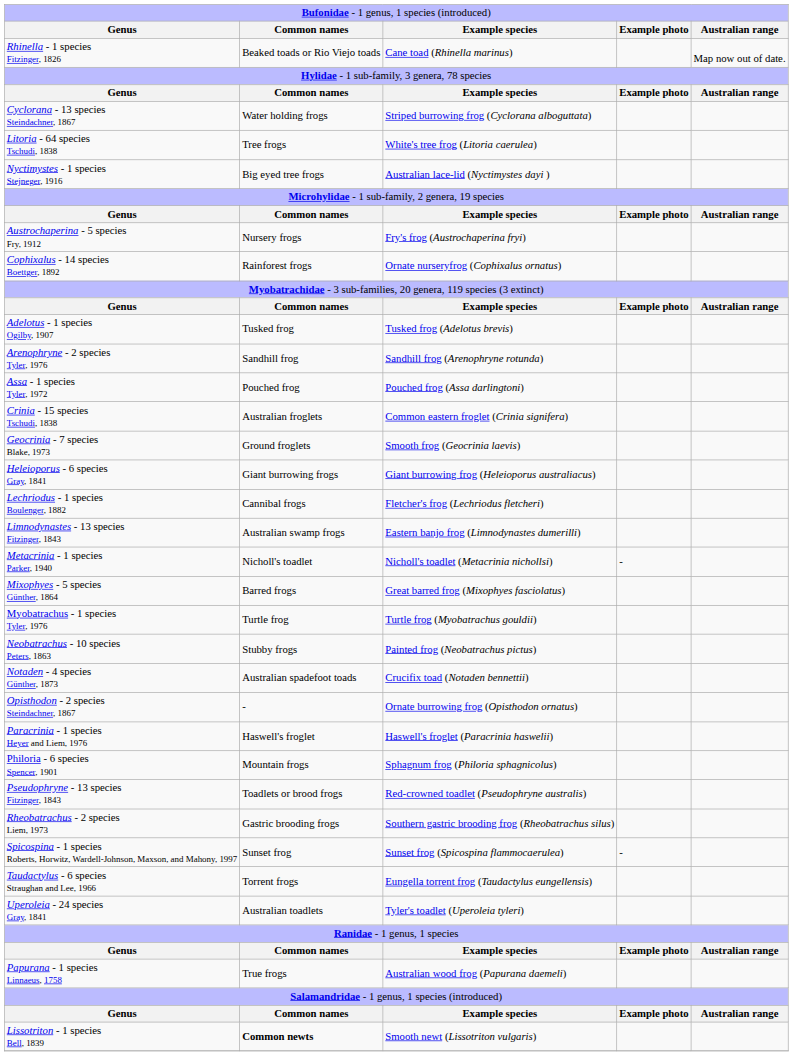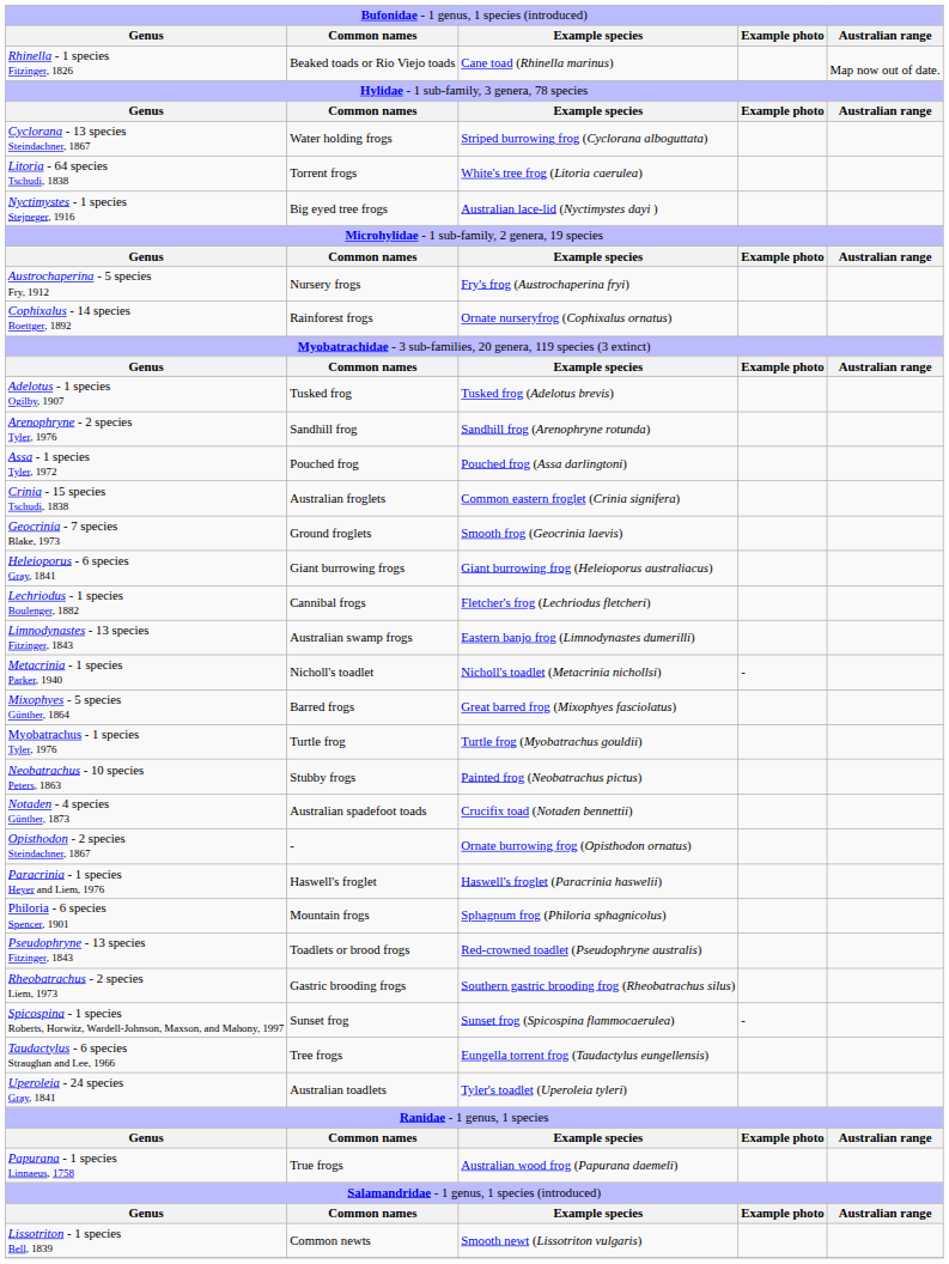 <table class="wikitable">
 <tr>
 <td colspan="100%" align="center" bgcolor="#BBBBFF"><strong><a href='#'>Bufonidae</a></strong> - 1 genus, 1 species (introduced)</td>
 </tr>
 <tr>
 <th>Genus</th>
 <th>Common names</th>
 <th>Example species</th>
 <th>Example photo</th>
 <th>Australian range</th>
 </tr>
 <tr>
 <td><em><a href='#'>Rhinella</a></em> - 1 species<br><small><a href='#'>Fitzinger</a>, 1826</small></td>
 <td>Beaked toads or Rio Viejo toads</td>
 <td><a href='#'>Cane toad</a> (<em>Rhinella marinus</em>)</td>
 <td></td>
 <td><br>Map now out of date.</td>
 </tr>
 <tr>
 <td colspan="100%" align="center" bgcolor="#BBBBFF"><strong><a href='#'>Hylidae</a></strong> - 1 sub-family, 3 genera, 78 species</td>
 </tr>
 <tr>
 <th>Genus</th>
 <th>Common names</th>
 <th>Example species</th>
 <th>Example photo</th>
 <th>Australian range</th>
 </tr>
 <tr>
 <td><em><a href='#'>Cyclorana</a></em> - 13 species<br><small><a href='#'>Steindachner</a>, 1867</small></td>
 <td>Water holding frogs</td>
 <td><a href='#'>Striped burrowing frog</a> (<em>Cyclorana alboguttata</em>)</td>
 <td></td>
 <td></td>
 </tr>
 <tr>
 <td><em><a href='#'>Litoria</a></em> - 64 species<br><small><a href='#'>Tschudi</a>, 1838</small></td>
-<td>Tree frogs</td>
+<td>Torrent frogs</td>
 <td><a href='#'>White's tree frog</a> (<em>Litoria caerulea</em>)</td>
 <td></td>
 <td></td>
 </tr>
 <tr>
 <td><em><a href='#'>Nyctimystes</a></em> - 1 species<br><small><a href='#'>Stejneger</a>, 1916</small></td>
 <td>Big eyed tree frogs</td>
 <td><a href='#'>Australian lace-lid</a> (<em>Nyctimystes dayi </em>)</td>
 <td></td>
 <td></td>
 </tr>
 <tr>
 <td colspan="100%" align="center" bgcolor="#BBBBFF"><strong><a href='#'>Microhylidae</a></strong> - 1 sub-family, 2 genera, 19 species</td>
 </tr>
 <tr>
 <th>Genus</th>
 <th>Common names</th>
 <th>Example species</th>
 <th>Example photo</th>
 <th>Australian range</th>
 </tr>
 <tr>
 <td><em><a href='#'>Austrochaperina</a></em> - 5 species<br><small>Fry, 1912</small></td>
 <td>Nursery frogs</td>
 <td><a href='#'>Fry's frog</a> (<em>Austrochaperina fryi</em>)</td>
 <td></td>
 <td></td>
 </tr>
 <tr>
 <td><em><a href='#'>Cophixalus</a></em> - 14 species<br><small><a href='#'>Boettger</a>, 1892</small></td>
 <td>Rainforest frogs</td>
 <td><a href='#'>Ornate nurseryfrog</a> (<em>Cophixalus ornatus</em>)</td>
 <td></td>
 <td></td>
 </tr>
 <tr>
 <td colspan="100%" align="center" bgcolor="#BBBBFF"><strong><a href='#'>Myobatrachidae</a></strong> - 3 sub-families, 20 genera, 119 species (3 extinct)</td>
 </tr>
 <tr>
 <th>Genus</th>
 <th>Common names</th>
 <th>Example species</th>
 <th>Example photo</th>
 <th>Australian range</th>
 </tr>
 <tr>
 <td><em><a href='#'>Adelotus</a></em> - 1 species<br><small><a href='#'>Ogilby</a>, 1907</small></td>
 <td>Tusked frog</td>
 <td><a href='#'>Tusked frog</a> (<em>Adelotus brevis</em>)</td>
 <td></td>
 <td></td>
 </tr>
 <tr>
 <td><em><a href='#'>Arenophryne</a></em> - 2 species<br><small><a href='#'>Tyler</a>, 1976</small></td>
 <td>Sandhill frog</td>
 <td><a href='#'>Sandhill frog</a> (<em>Arenophryne rotunda</em>)</td>
 <td></td>
 <td></td>
 </tr>
 <tr>
 <td><em><a href='#'>Assa</a></em> - 1 species<br><small><a href='#'>Tyler</a>, 1972</small></td>
 <td>Pouched frog</td>
 <td><a href='#'>Pouched frog</a> (<em>Assa darlingtoni</em>)</td>
 <td></td>
 <td></td>
 </tr>
 <tr>
 <td><em><a href='#'>Crinia</a></em> - 15 species<br><small><a href='#'>Tschudi</a>, 1838</small></td>
 <td>Australian froglets</td>
 <td><a href='#'>Common eastern froglet</a> (<em>Crinia signifera</em>)</td>
 <td></td>
 <td></td>
 </tr>
 <tr>
 <td><em><a href='#'>Geocrinia</a></em> - 7 species<br><small>Blake, 1973</small></td>
 <td>Ground froglets</td>
 <td><a href='#'>Smooth frog</a> (<em>Geocrinia laevis</em>)</td>
 <td></td>
 <td></td>
 </tr>
 <tr>
 <td><em><a href='#'>Heleioporus</a></em> - 6 species<br><small><a href='#'>Gray</a>, 1841</small></td>
 <td>Giant burrowing frogs</td>
 <td><a href='#'>Giant burrowing frog</a> (<em>Heleioporus australiacus</em>)</td>
 <td></td>
 <td></td>
 </tr>
 <tr>
 <td><em><a href='#'>Lechriodus</a></em> - 1 species<br><small><a href='#'>Boulenger</a>, 1882</small></td>
 <td>Cannibal frogs</td>
 <td><a href='#'>Fletcher's frog</a> (<em>Lechriodus fletcheri</em>)</td>
 <td></td>
 <td></td>
 </tr>
 <tr>
 <td><em><a href='#'>Limnodynastes</a></em> - 13 species<br><small><a href='#'>Fitzinger</a>, 1843</small></td>
 <td>Australian swamp frogs</td>
 <td><a href='#'>Eastern banjo frog</a> (<em>Limnodynastes dumerilli</em>)</td>
 <td></td>
 <td></td>
 </tr>
 <tr>
 <td><em><a href='#'>Metacrinia</a></em> - 1 species<br><small><a href='#'>Parker</a>, 1940</small></td>
 <td>Nicholl's toadlet</td>
 <td><a href='#'>Nicholl's toadlet</a> (<em>Metacrinia nichollsi</em>)</td>
 <td>-</td>
 <td></td>
 </tr>
 <tr>
 <td><em><a href='#'>Mixophyes</a></em> - 5 species<br><small><a href='#'>Günther</a>, 1864</small></td>
 <td>Barred frogs</td>
 <td><a href='#'>Great barred frog</a> (<em>Mixophyes fasciolatus</em>)</td>
 <td></td>
 <td></td>
 </tr>
 <tr>
 <td><a href='#'>Myobatrachus</a> - 1 species<br><small><a href='#'>Tyler</a>, 1976</small></td>
 <td>Turtle frog</td>
 <td><a href='#'>Turtle frog</a> (<em>Myobatrachus gouldii</em>)</td>
 <td></td>
 <td></td>
 </tr>
 <tr>
 <td><em><a href='#'>Neobatrachus</a></em> - 10 species<br><small><a href='#'>Peters</a>, 1863</small></td>
 <td>Stubby frogs</td>
 <td><a href='#'>Painted frog</a> (<em>Neobatrachus pictus</em>)</td>
 <td></td>
 <td></td>
 </tr>
 <tr>
 <td><em><a href='#'>Notaden</a></em> - 4 species<br><small><a href='#'>Günther</a>, 1873</small></td>
 <td>Australian spadefoot toads</td>
 <td><a href='#'>Crucifix toad</a> (<em>Notaden bennettii</em>)</td>
 <td></td>
 <td></td>
 </tr>
 <tr>
 <td><em><a href='#'>Opisthodon</a></em> - 2 species<br><small><a href='#'>Steindachner</a>, 1867</small></td>
 <td>-</td>
 <td><a href='#'>Ornate burrowing frog</a> (<em>Opisthodon ornatus</em>)</td>
 <td></td>
 <td></td>
 </tr>
 <tr>
 <td><em><a href='#'>Paracrinia</a></em> - 1 species<br><small><a href='#'>Heyer</a> and Liem, 1976</small></td>
 <td>Haswell's froglet</td>
 <td><a href='#'>Haswell's froglet</a> (<em>Paracrinia haswelii</em>)</td>
 <td></td>
 <td></td>
 </tr>
 <tr>
 <td><a href='#'>Philoria</a> - 6 species<br><small><a href='#'>Spencer</a>, 1901</small></td>
 <td>Mountain frogs</td>
 <td><a href='#'>Sphagnum frog</a> (<em>Philoria sphagnicolus</em>)</td>
 <td></td>
 <td></td>
 </tr>
 <tr>
 <td><em><a href='#'>Pseudophryne</a></em> - 13 species<br><small><a href='#'>Fitzinger</a>, 1843</small></td>
 <td>Toadlets or brood frogs</td>
 <td><a href='#'>Red-crowned toadlet</a> (<em>Pseudophryne australis</em>)</td>
 <td></td>
 <td></td>
 </tr>
 <tr>
 <td><em><a href='#'>Rheobatrachus</a></em> - 2 species<br><small>Liem, 1973</small></td>
 <td>Gastric brooding frogs</td>
 <td><a href='#'>Southern gastric brooding frog</a> (<em>Rheobatrachus silus</em>)</td>
 <td></td>
 <td></td>
 </tr>
 <tr>
 <td><em><a href='#'>Spicospina</a></em> - 1 species<br><small>Roberts, Horwitz, Wardell-Johnson, Maxson, and Mahony, 1997</small></td>
 <td>Sunset frog</td>
 <td><a href='#'>Sunset frog</a> (<em>Spicospina flammocaerulea</em>)</td>
 <td>-</td>
 <td></td>
 </tr>
 <tr>
 <td><em><a href='#'>Taudactylus</a></em> - 6 species<br><small>Straughan and Lee, 1966</small></td>
-<td>Torrent frogs</td>
+<td>Tree frogs</td>
 <td><a href='#'>Eungella torrent frog</a> (<em>Taudactylus eungellensis</em>)</td>
 <td></td>
 <td></td>
 </tr>
 <tr>
 <td><em><a href='#'>Uperoleia</a></em> - 24 species<br><small><a href='#'>Gray</a>, 1841</small></td>
 <td>Australian toadlets</td>
 <td><a href='#'>Tyler's toadlet</a> (<em>Uperoleia tyleri</em>)</td>
 <td></td>
 <td></td>
 </tr>
 <tr>
 <td colspan="100%" align="center" bgcolor="#BBBBFF"><strong><a href='#'>Ranidae</a></strong> - 1 genus, 1 species</td>
 </tr>
 <tr>
 <th>Genus</th>
 <th>Common names</th>
 <th>Example species</th>
 <th>Example photo</th>
 <th>Australian range</th>
 </tr>
 <tr>
 <td><em><a href='#'>Papurana</a></em> - 1 species<br><small><a href='#'>Linnaeus</a>, <a href='#'>1758</a></small></td>
 <td>True frogs</td>
 <td><a href='#'>Australian wood frog</a> (<em>Papurana daemeli</em>)</td>
 <td></td>
 <td></td>
 </tr>
 <tr>
 <td colspan="100%" align="center" bgcolor="#BBBBFF"><strong><a href='#'>Salamandridae</a></strong> - 1 genus, 1 species (introduced)</td>
 </tr>
 <tr>
 <th>Genus</th>
 <th>Common names</th>
 <th>Example species</th>
 <th>Example photo</th>
 <th>Australian range</th>
 </tr>
 <tr>
 <td><em><a href='#'>Lissotriton</a></em> - 1 species<br><small><a href='#'>Bell</a>, 1839</small></td>
-<td><strong>Common newts</strong></td>
+<td>Common newts</td>
 <td><a href='#'>Smooth newt</a> (<em>Lissotriton vulgaris</em>)</td>
 <td></td>
 <td></td>
 </tr>
 <tr>
 </tr>
 </table>
